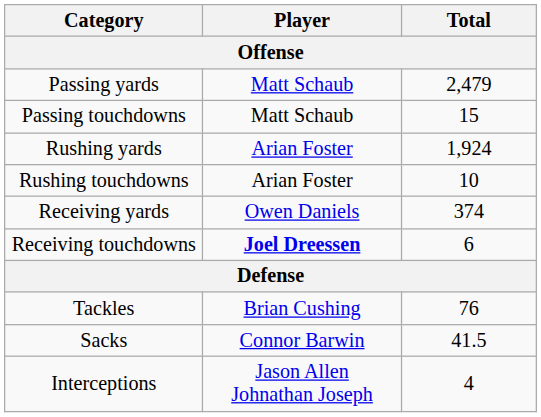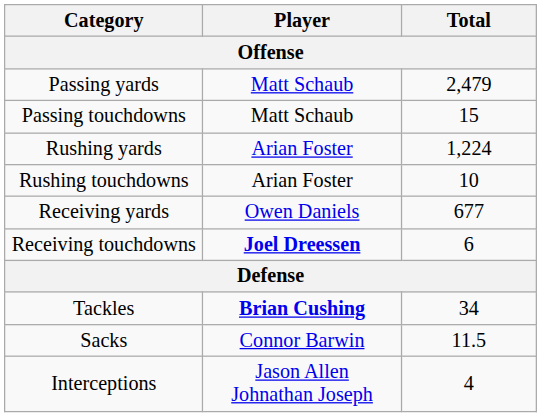 <table class="wikitable" style="text-align:center">
 <tr>
 <th width="150">Category</th>
 <th width="150">Player</th>
 <th width="100">Total</th>
 </tr>
 <tr>
 <th align="center" colspan="4">Offense</th>
 </tr>
 <tr>
 <td>Passing yards</td>
 <td><a href='#'>Matt Schaub</a></td>
 <td>2,479</td>
 </tr>
 <tr>
 <td>Passing touchdowns</td>
 <td>Matt Schaub</td>
 <td>15</td>
 </tr>
 <tr>
 <td>Rushing yards</td>
 <td><a href='#'>Arian Foster</a></td>
-<td>1,924</td>
+<td>1,224</td>
 </tr>
 <tr>
 <td>Rushing touchdowns</td>
 <td>Arian Foster</td>
 <td>10</td>
 </tr>
 <tr>
 <td>Receiving yards</td>
 <td><a href='#'>Owen Daniels</a></td>
-<td>374</td>
+<td>677</td>
 </tr>
 <tr>
 <td>Receiving touchdowns</td>
 <td><strong><a href='#'>Joel Dreessen</a></strong></td>
 <td>6</td>
 </tr>
 <tr>
 <th align="center" colspan="4">Defense</th>
 </tr>
 <tr>
 <td>Tackles </td>
-<td><a href='#'>Brian Cushing</a></td>
-<td>76</td>
+<td><strong><a href='#'>Brian Cushing</a></strong></td>
+<td>34</td>
 </tr>
 <tr>
 <td>Sacks</td>
 <td><a href='#'>Connor Barwin</a></td>
-<td>41.5</td>
+<td>11.5</td>
 </tr>
 <tr>
 <td>Interceptions</td>
 <td><a href='#'>Jason Allen</a><br><a href='#'>Johnathan Joseph</a></td>
 <td>4</td>
 </tr>
 </table>
